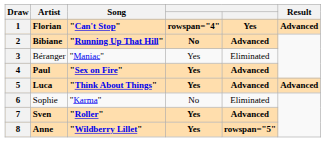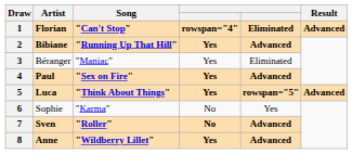 <table class="wikitable sortable plainrowheaders" style="margin: 1em auto 1em; font-size:90%; text-align:center;">
 <tr>
 <th rowspan="2">Draw</th>
 <th rowspan="2">Artist</th>
 <th rowspan="2">Song</th>
 <th colspan="2"></th>
 <th rowspan="2">Result</th>
 </tr>
 <tr>
 <th></th>
 <th></th>
 </tr>
 <tr style="font-weight:bold; background:navajowhite;">
 <th scope="row" style="text-align:center">1</th>
 <td align="left">Florian</td>
 <td align="left">"<a href='#'>Can't Stop</a>"</td>
 <td>rowspan="4" </td>
-<td>Yes</td>
+<td>Eliminated</td>
 <td>Advanced</td>
 </tr>
 <tr style="font-weight:bold; background:navajowhite;">
 <th scope="row" style="text-align:center">2</th>
 <td align="left">Bibiane</td>
 <td align="left">"<a href='#'>Running Up That Hill</a>"</td>
-<td>No</td>
+<td>Yes</td>
 <td>Advanced</td>
 </tr>
 <tr>
 <th scope="row" style="text-align:center">3</th>
 <td align="left">Béranger</td>
 <td align="left">"<a href='#'>Maniac</a>"</td>
 <td>Yes</td>
 <td>Eliminated</td>
 </tr>
 <tr style="font-weight:bold; background:navajowhite;">
 <th scope="row" style="text-align:center">4</th>
 <td align="left">Paul</td>
 <td align="left">"<a href='#'>Sex on Fire</a>"</td>
 <td>Yes</td>
 <td>Advanced</td>
 </tr>
 <tr style="font-weight:bold; background:navajowhite;">
 <th scope="row" style="text-align:center">5</th>
 <td align="left">Luca</td>
 <td align="left">"<a href='#'>Think About Things</a>"</td>
 <td>Yes</td>
-<td>Advanced</td>
+<td>rowspan="5" </td>
 <td>Advanced</td>
 </tr>
 <tr>
 <th scope="row" style="text-align:center">6</th>
 <td align="left">Sophie</td>
 <td align="left">"<a href='#'>Karma</a>"</td>
 <td>No</td>
-<td>Eliminated</td>
+<td>Yes</td>
 </tr>
 <tr style="font-weight:bold; background:navajowhite;">
 <th scope="row" style="text-align:center">7</th>
 <td align="left">Sven</td>
 <td align="left">"<a href='#'>Roller</a>"</td>
-<td>Yes</td>
+<td>No</td>
 <td>Advanced</td>
 </tr>
 <tr style="font-weight:bold; background:navajowhite;">
 <th scope="row" style="text-align:center">8</th>
 <td align="left">Anne</td>
 <td align="left">"<a href='#'>Wildberry Lillet</a>"</td>
 <td>Yes</td>
-<td>rowspan="5" </td>
+<td>Advanced</td>
 </tr>
 </table>
